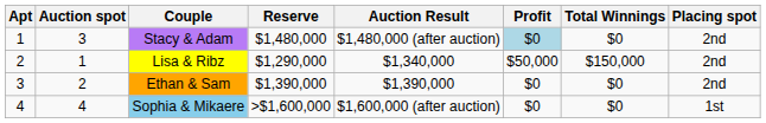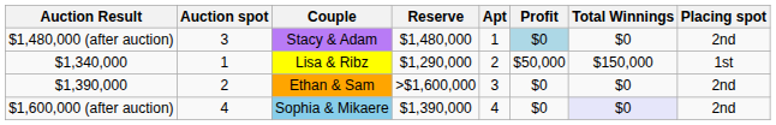 <table class="wikitable" style="text-align: center" |>
 <tr>
-<th>Apt</th>
+<th>Auction Result</th>
 <th>Auction spot</th>
 <th>Couple</th>
 <th>Reserve</th>
-<th>Auction Result</th>
+<th>Apt</th>
 <th>Profit</th>
 <th>Total Winnings</th>
 <th>Placing spot</th>
 </tr>
 <tr>
-<td>1</td>
+<td>$1,480,000 (after auction)</td>
 <td>3</td>
 <td style="background-color: #B87BF6;">Stacy & Adam</td>
 <td>$1,480,000</td>
-<td>$1,480,000 (after auction)</td>
+<td>1</td>
 <td style="background: lightblue;">$0</td>
 <td>$0</td>
 <td>2nd</td>
 </tr>
 <tr>
-<td>2</td>
+<td>$1,340,000</td>
 <td>1</td>
 <td style="background-color:  Yellow; ">Lisa & Ribz</td>
 <td>$1,290,000</td>
-<td>$1,340,000</td>
+<td>2</td>
 <td>$50,000</td>
 <td>$150,000</td>
-<td>2nd</td>
+<td>1st</td>
 </tr>
 <tr>
-<td>3</td>
+<td>$1,390,000</td>
 <td>2</td>
 <td style='background:Orange;'>Ethan & Sam</td>
-<td>$1,390,000</td>
-<td>$1,390,000</td>
+<td>>$1,600,000</td>
+<td>3</td>
 <td>$0</td>
 <td>$0</td>
 <td>2nd</td>
 </tr>
 <tr>
-<td>4</td>
+<td>$1,600,000 (after auction)</td>
 <td>4</td>
 <td style="background-color: skyblue;">Sophia & Mikaere</td>
-<td>>$1,600,000</td>
-<td>$1,600,000 (after auction)</td>
+<td>$1,390,000</td>
+<td>4</td>
 <td>$0</td>
-<td>$0</td>
-<td>1st</td>
+<td style="background: lavender;">$0</td>
+<td>2nd</td>
 </tr>
 </table>
